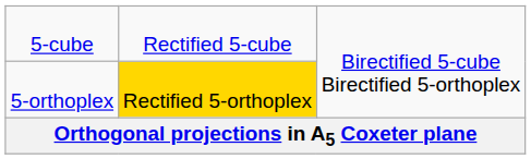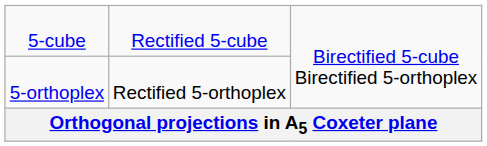 <table class=wikitable align=right style="margin-left:1em;">
 <tr align=center>
 <td><br><a href='#'>5-cube</a><br></td>
 <td><br><a href='#'>Rectified 5-cube</a><br></td>
 <td rowspan=2><br><a href='#'>Birectified 5-cube</a><br>Birectified 5-orthoplex<br></td>
 </tr>
 <tr align=center>
 <td><br><a href='#'>5-orthoplex</a><br></td>
-<td style="background: gold;"><br>Rectified 5-orthoplex<br></td>
+<td><br>Rectified 5-orthoplex<br></td>
 </tr>
 <tr>
 <th colspan=5><a href='#'>Orthogonal projections</a> in A<sub>5</sub> <a href='#'>Coxeter plane</a></th>
 </tr>
 </table>
